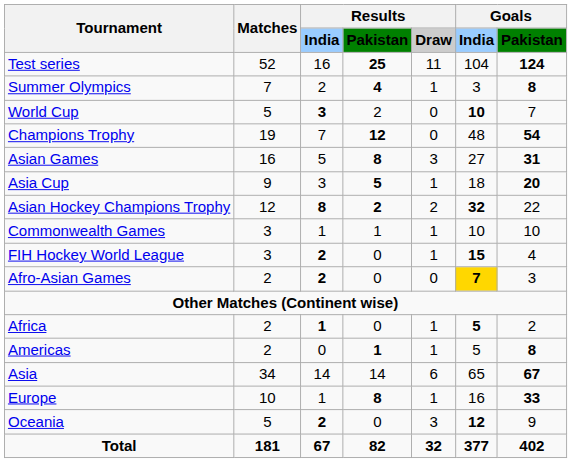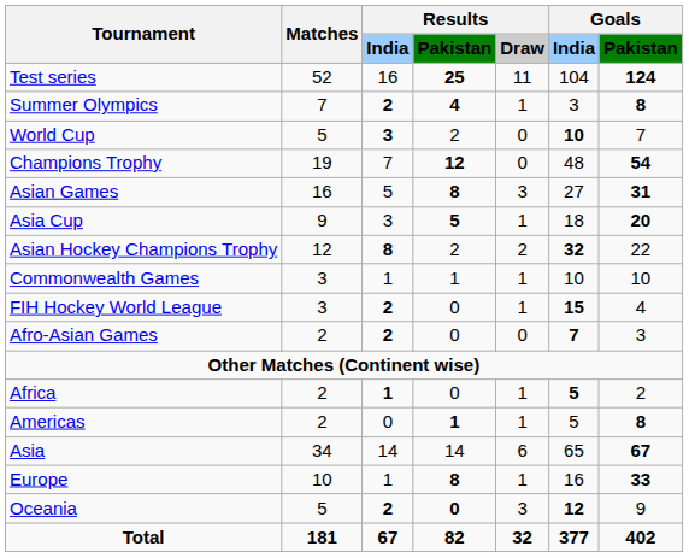 <table class="wikitable">
 <tr>
 <th rowspan=2>Tournament</th>
 <th rowspan=2>Matches</th>
 <th colspan=3>Results</th>
 <th colspan=2>Goals</th>
 </tr>
 <tr>
 <th style="background:#9cf;"> India</th>
 <th style="background:green;"> Pakistan</th>
 <th style="background:#ccc;">Draw</th>
 <th style="background:#9cf;"> India</th>
 <th style="background:green;"> Pakistan</th>
 </tr>
 <tr>
 <td><a href='#'>Test series</a></td>
 <td style="text-align:center">52</td>
 <td style="text-align:center">16</td>
 <td style="text-align:center"><strong>25</strong></td>
 <td style="text-align:center">11</td>
 <td style="text-align:center">104</td>
 <td style="text-align:center"><strong>124</strong></td>
 </tr>
 <tr>
 <td><a href='#'>Summer Olympics</a></td>
 <td style="text-align:center">7</td>
-<td style="text-align:center">2</td>
+<td style="text-align:center"><strong>2</strong></td>
 <td style="text-align:center"><strong>4</strong></td>
 <td style="text-align:center">1</td>
 <td style="text-align:center">3</td>
 <td style="text-align:center"><strong>8</strong></td>
 </tr>
 <tr>
 <td><a href='#'>World Cup</a></td>
 <td style="text-align:center">5</td>
 <td style="text-align:center"><strong>3</strong></td>
 <td style="text-align:center">2</td>
 <td style="text-align:center">0</td>
 <td style="text-align:center"><strong>10</strong></td>
 <td style="text-align:center">7</td>
 </tr>
 <tr>
 <td><a href='#'>Champions Trophy</a></td>
 <td style="text-align:center">19</td>
 <td style="text-align:center">7</td>
 <td style="text-align:center"><strong>12</strong></td>
 <td style="text-align:center">0</td>
 <td style="text-align:center">48</td>
 <td style="text-align:center"><strong>54</strong></td>
 </tr>
 <tr>
 <td><a href='#'>Asian Games</a></td>
 <td style="text-align:center">16</td>
 <td style="text-align:center">5</td>
 <td style="text-align:center"><strong>8</strong></td>
 <td style="text-align:center">3</td>
 <td style="text-align:center">27</td>
 <td style="text-align:center"><strong>31</strong></td>
 </tr>
 <tr>
 <td><a href='#'>Asia Cup</a></td>
 <td style="text-align:center">9</td>
 <td style="text-align:center">3</td>
 <td style="text-align:center"><strong>5</strong></td>
 <td style="text-align:center">1</td>
 <td style="text-align:center">18</td>
 <td style="text-align:center"><strong>20</strong></td>
 </tr>
 <tr>
 <td><a href='#'>Asian Hockey Champions Trophy</a></td>
 <td style="text-align:center">12</td>
 <td style="text-align:center"><strong>8</strong></td>
-<td style="text-align:center"><strong>2</strong></td>
+<td style="text-align:center">2</td>
 <td style="text-align:center">2</td>
 <td style="text-align:center"><strong>32</strong></td>
 <td style="text-align:center">22</td>
 </tr>
 <tr>
 <td><a href='#'>Commonwealth Games</a></td>
 <td style="text-align:center">3</td>
 <td style="text-align:center">1</td>
 <td style="text-align:center">1</td>
 <td style="text-align:center">1</td>
 <td style="text-align:center">10</td>
 <td style="text-align:center">10</td>
 </tr>
 <tr>
 <td><a href='#'>FIH Hockey World League</a></td>
 <td style="text-align:center">3</td>
 <td style="text-align:center"><strong>2</strong></td>
 <td style="text-align:center">0</td>
 <td style="text-align:center">1</td>
 <td style="text-align:center"><strong>15</strong></td>
 <td style="text-align:center">4</td>
 </tr>
 <tr>
 <td><a href='#'>Afro-Asian Games</a></td>
 <td style="text-align:center">2</td>
 <td style="text-align:center"><strong>2</strong></td>
 <td style="text-align:center">0</td>
 <td style="text-align:center">0</td>
-<td style="background: gold; text-align:center"><strong>7</strong></td>
+<td style="text-align:center"><strong>7</strong></td>
 <td style="text-align:center">3</td>
 </tr>
 <tr>
 <td style="text-align:center" colspan=8><strong>Other Matches (Continent wise)</strong></td>
 </tr>
 <tr>
 <td><a href='#'>Africa</a></td>
 <td style="text-align:center">2</td>
 <td style="text-align:center"><strong>1</strong></td>
 <td style="text-align:center">0</td>
 <td style="text-align:center">1</td>
 <td style="text-align:center"><strong>5</strong></td>
 <td style="text-align:center">2</td>
 </tr>
 <tr>
 <td><a href='#'>Americas</a></td>
 <td style="text-align:center">2</td>
 <td style="text-align:center">0</td>
 <td style="text-align:center"><strong>1</strong></td>
 <td style="text-align:center">1</td>
 <td style="text-align:center">5</td>
 <td style="text-align:center"><strong>8</strong></td>
 </tr>
 <tr>
 <td><a href='#'>Asia</a></td>
 <td style="text-align:center">34</td>
 <td style="text-align:center">14</td>
 <td style="text-align:center">14</td>
 <td style="text-align:center">6</td>
 <td style="text-align:center">65</td>
 <td style="text-align:center"><strong>67</strong></td>
 </tr>
 <tr>
 <td><a href='#'>Europe</a></td>
 <td style="text-align:center">10</td>
 <td style="text-align:center">1</td>
 <td style="text-align:center"><strong>8</strong></td>
 <td style="text-align:center">1</td>
 <td style="text-align:center">16</td>
 <td style="text-align:center"><strong>33</strong></td>
 </tr>
 <tr>
 <td><a href='#'>Oceania</a></td>
 <td style="text-align:center">5</td>
 <td style="text-align:center"><strong>2</strong></td>
-<td style="text-align:center">0</td>
+<td style="text-align:center"><strong>0</strong></td>
 <td style="text-align:center">3</td>
 <td style="text-align:center"><strong>12</strong></td>
 <td style="text-align:center">9</td>
 </tr>
 <tr>
 <td style="text-align:center"><strong>Total</strong></td>
 <td style="text-align:center"><strong>181</strong></td>
 <td style="text-align:center"><strong>67</strong></td>
 <td style="text-align:center"><strong>82</strong></td>
 <td style="text-align:center"><strong>32</strong></td>
 <td style="text-align:center"><strong>377</strong></td>
 <td style="text-align:center"><strong>402</strong></td>
 </tr>
 </table>
